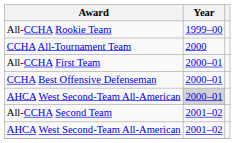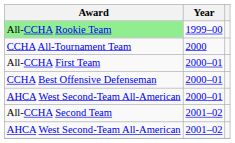 <table class="wikitable">
 <tr>
 <th>Award</th>
 <th>Year</th>
 <th></th>
 </tr>
 <tr>
-<td>All-<a href='#'>CCHA</a> <a href='#'>Rookie Team</a></td>
+<td style="background: lightgreen;">All-<a href='#'>CCHA</a> <a href='#'>Rookie Team</a></td>
 <td><a href='#'>1999–00</a></td>
 <td></td>
 </tr>
 <tr>
 <td><a href='#'>CCHA</a> <a href='#'>All-Tournament Team</a></td>
 <td><a href='#'>2000</a></td>
 <td></td>
 </tr>
 <tr>
 <td>All-<a href='#'>CCHA</a> <a href='#'>First Team</a></td>
 <td><a href='#'>2000–01</a></td>
 <td></td>
 </tr>
 <tr>
 <td><a href='#'>CCHA</a> <a href='#'>Best Offensive Defenseman</a></td>
 <td><a href='#'>2000–01</a></td>
 <td></td>
 </tr>
 <tr>
 <td><a href='#'>AHCA</a> <a href='#'>West Second-Team All-American</a></td>
-<td style="background: lightgrey;"><a href='#'>2000–01</a></td>
+<td><a href='#'>2000–01</a></td>
 <td></td>
 </tr>
 <tr>
 <td>All-<a href='#'>CCHA</a> <a href='#'>Second Team</a></td>
 <td><a href='#'>2001–02</a></td>
 <td></td>
 </tr>
 <tr>
 <td><a href='#'>AHCA</a> <a href='#'>West Second-Team All-American</a></td>
 <td><a href='#'>2001–02</a></td>
 <td></td>
 </tr>
 <tr>
 </tr>
 </table>
